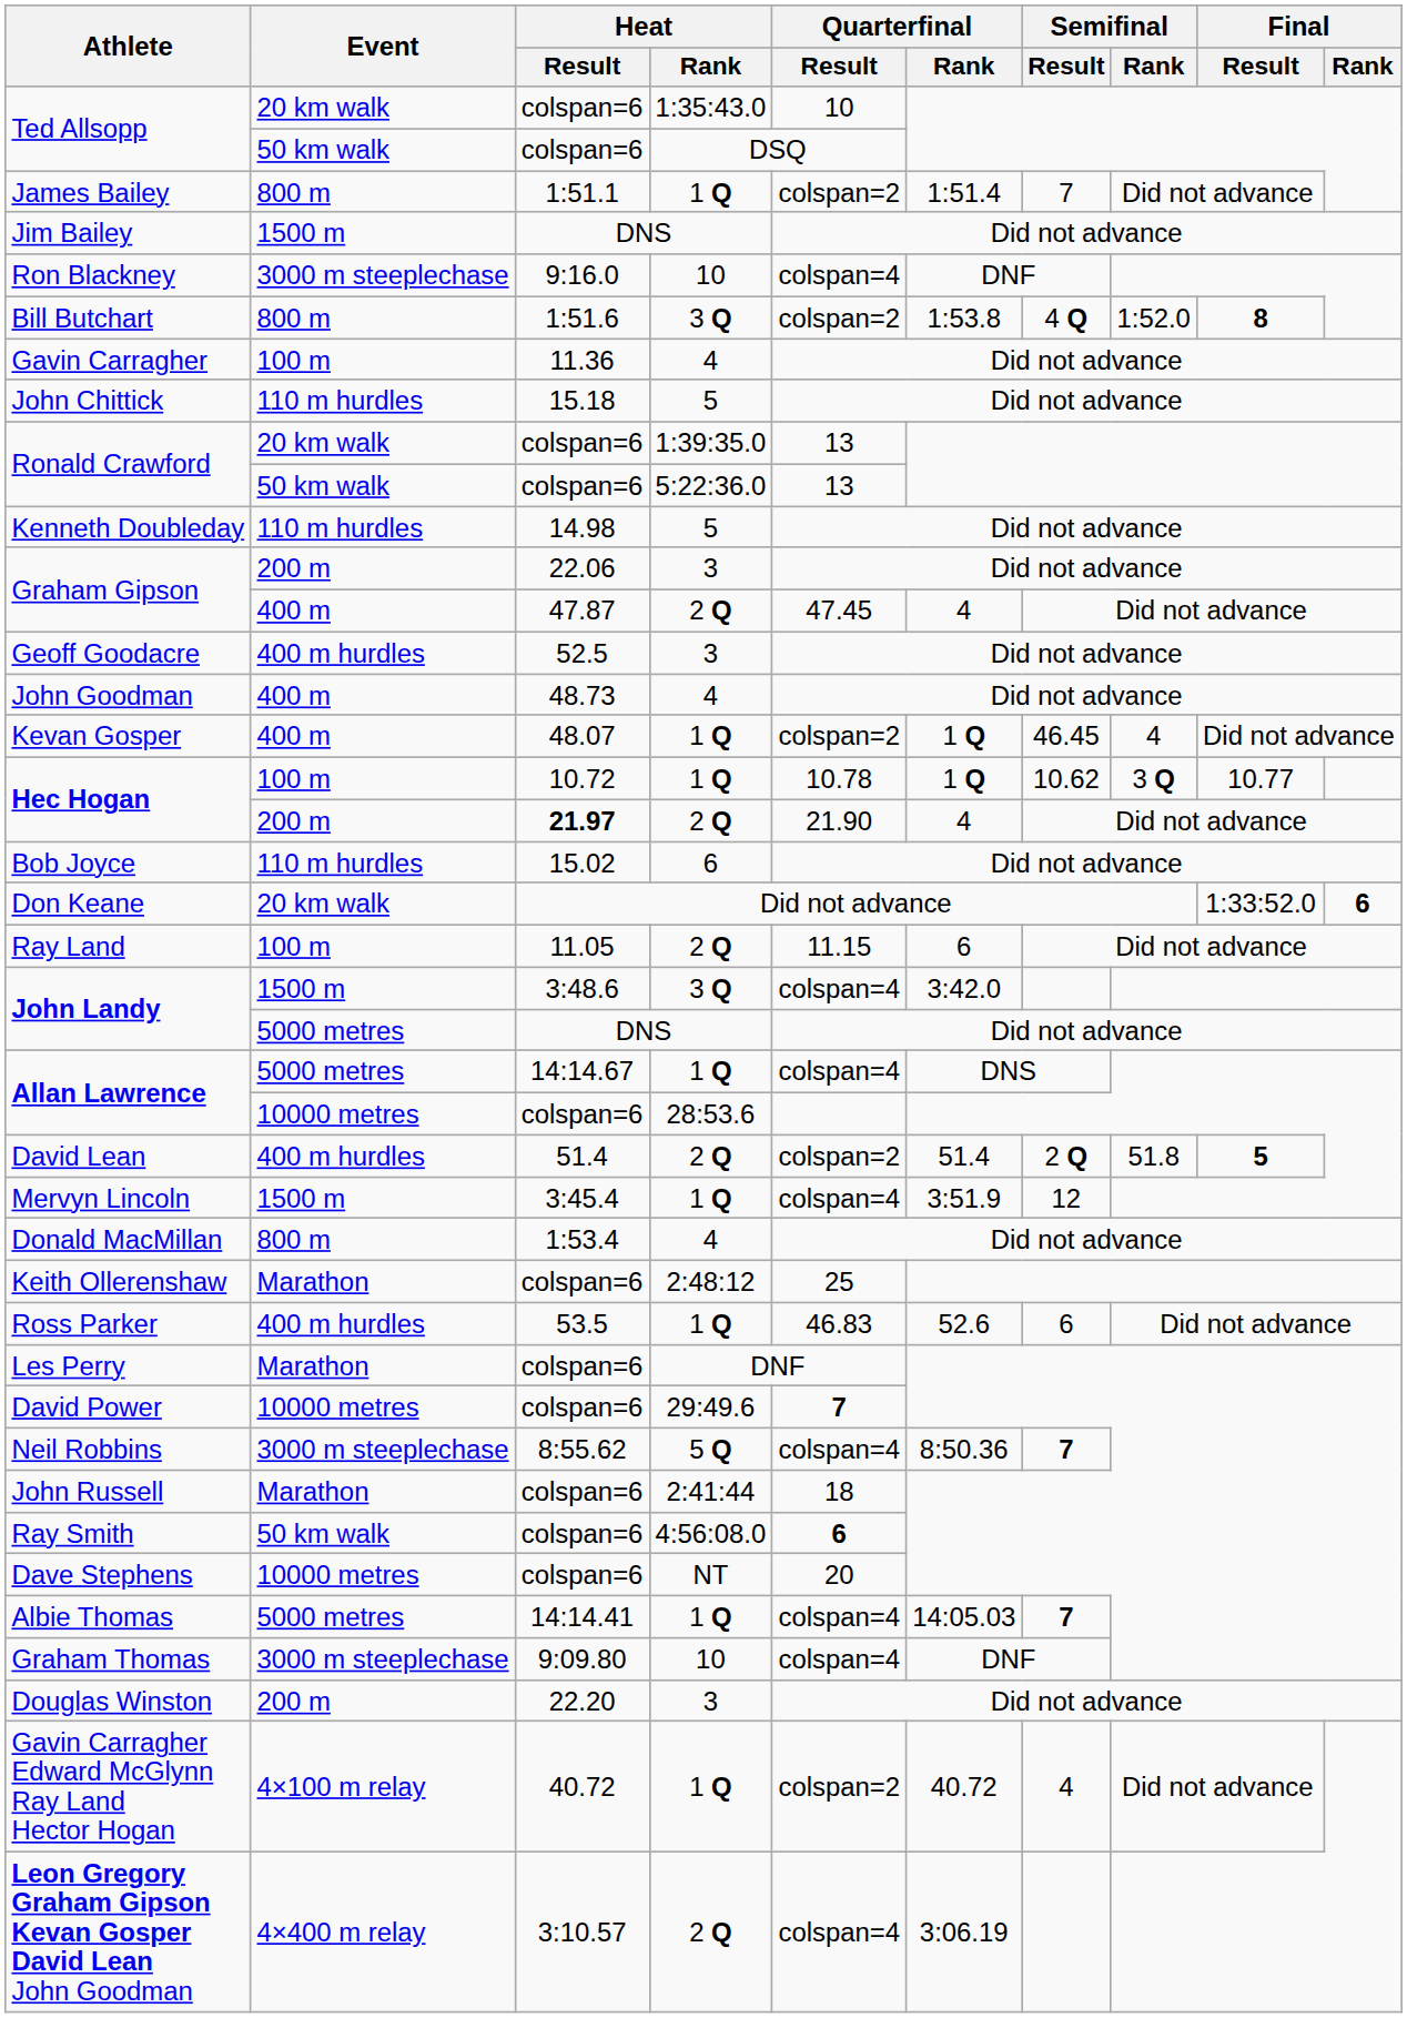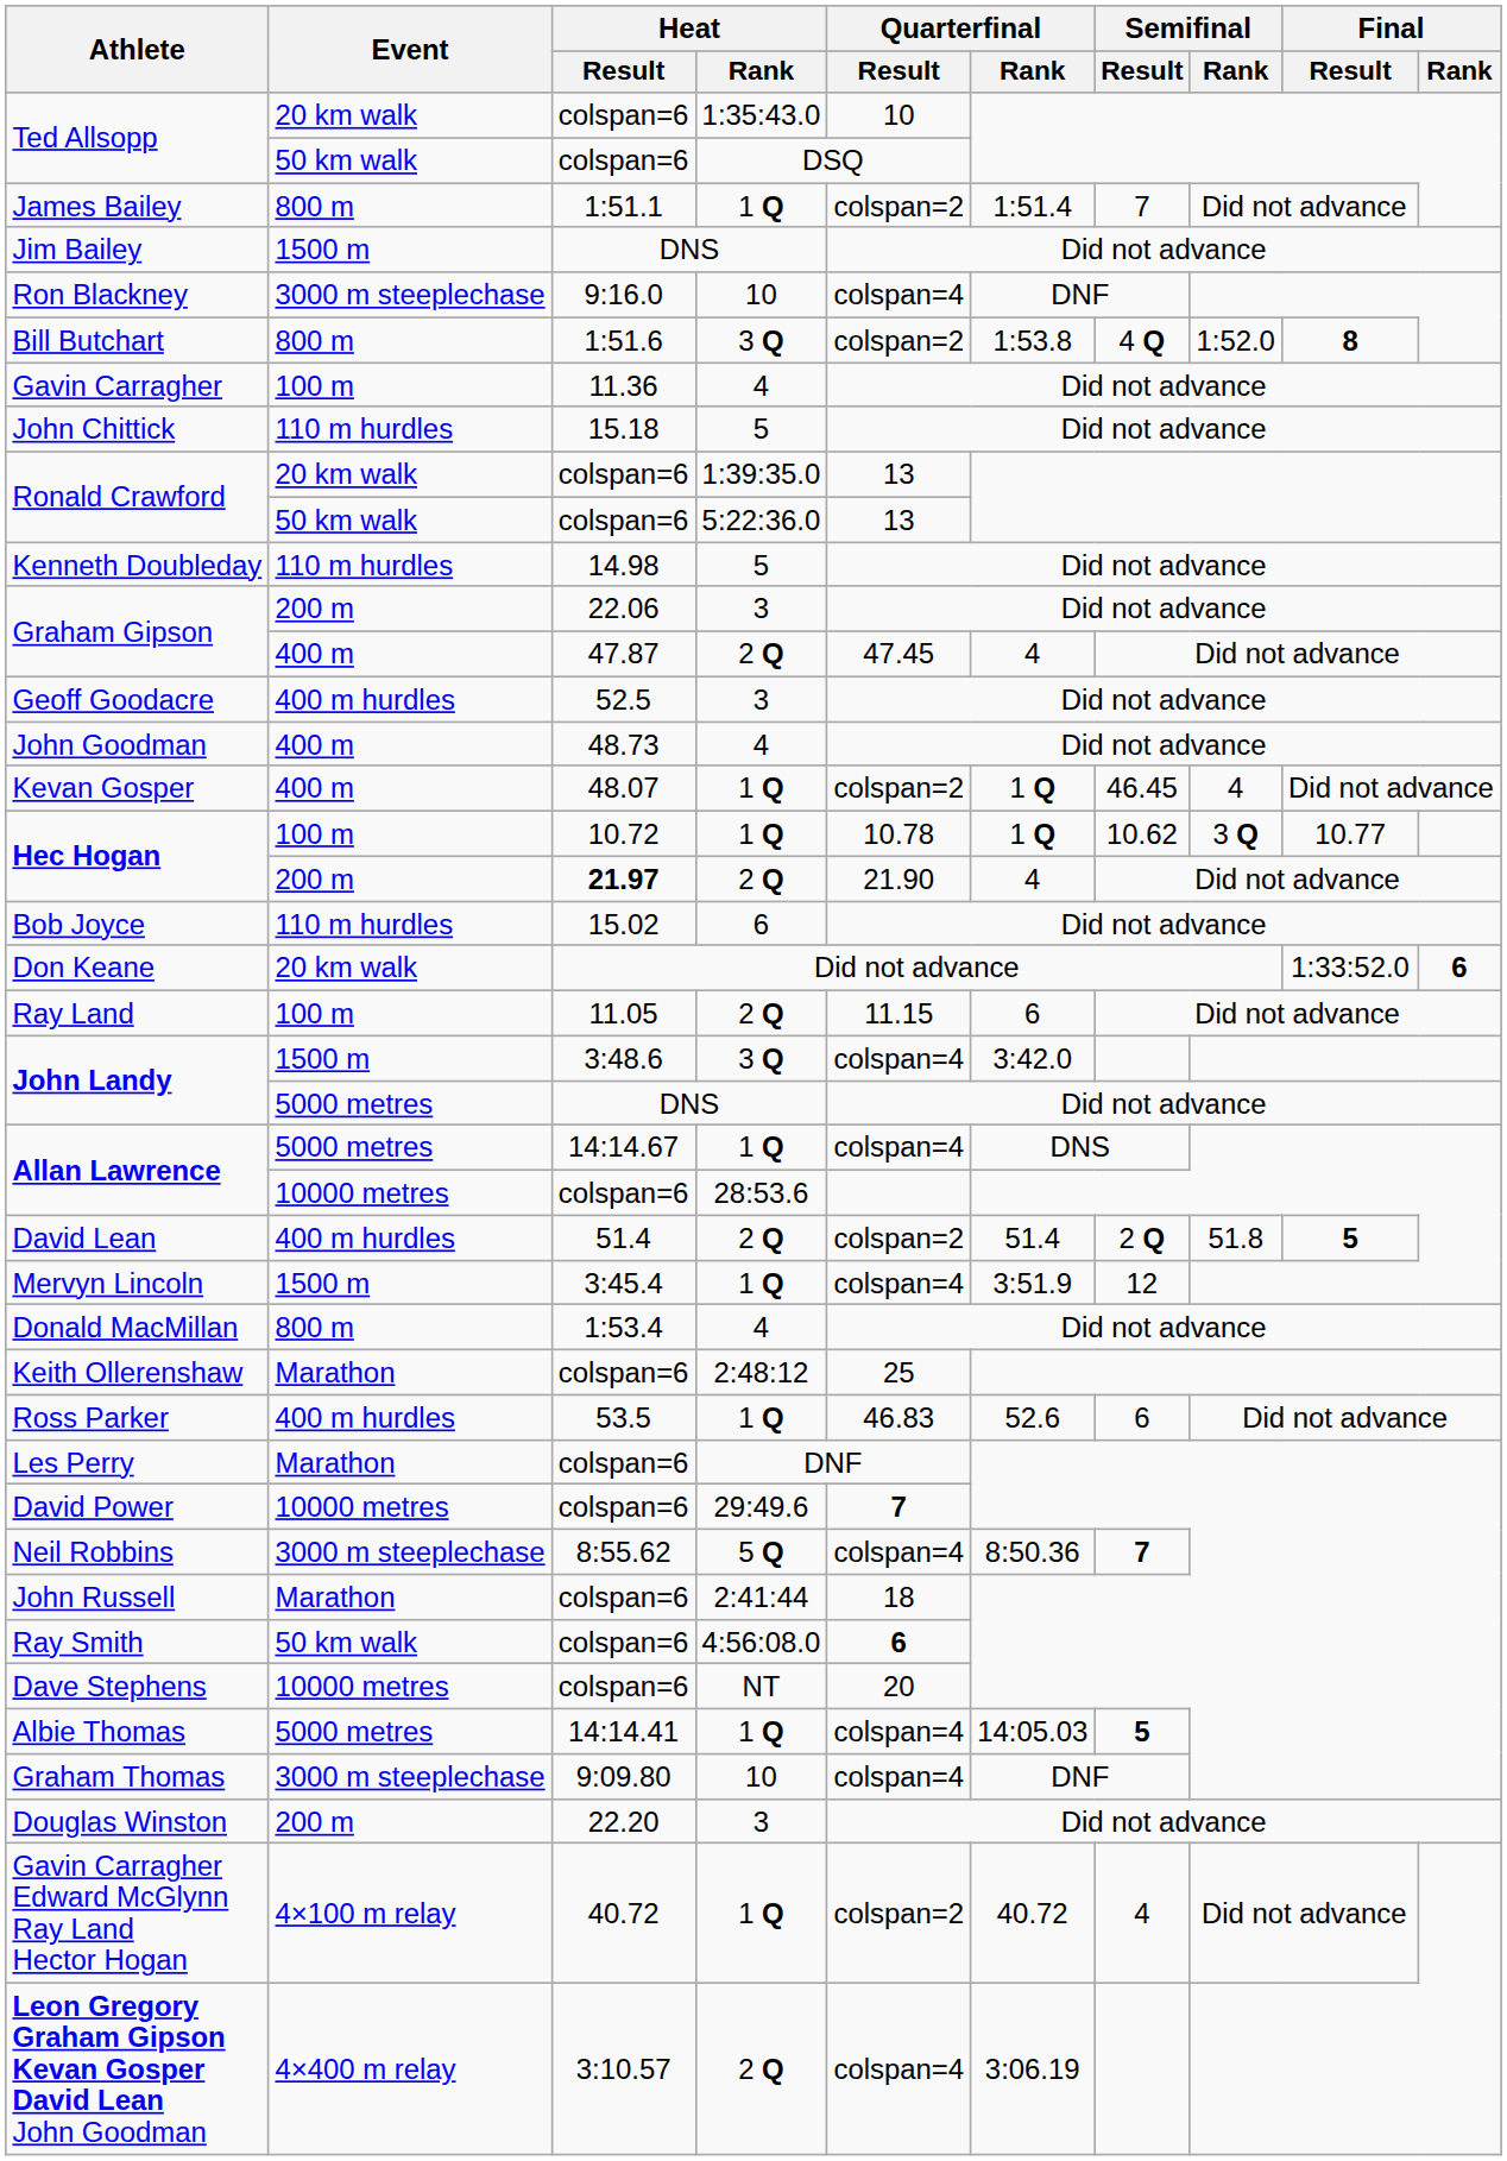 <table class="wikitable" style="font-size:90%">
 <tr>
 <th rowspan="2">Athlete</th>
 <th rowspan="2">Event</th>
 <th colspan="2">Heat</th>
 <th colspan="2">Quarterfinal</th>
 <th colspan="2">Semifinal</th>
 <th colspan="2">Final</th>
 </tr>
 <tr style="font-size:95%">
 <th>Result</th>
 <th>Rank</th>
 <th>Result</th>
 <th>Rank</th>
 <th>Result</th>
 <th>Rank</th>
 <th>Result</th>
 <th>Rank</th>
 </tr>
 <tr align=center>
 <td align=left rowspan=2><a href='#'>Ted Allsopp</a></td>
 <td align=left><a href='#'>20 km walk</a></td>
 <td>colspan=6 </td>
 <td>1:35:43.0</td>
 <td>10</td>
 </tr>
 <tr align=center>
 <td align=left><a href='#'>50 km walk</a></td>
 <td>colspan=6 </td>
 <td colspan=2>DSQ</td>
 </tr>
 <tr align=center>
 <td align=left><a href='#'>James Bailey</a></td>
 <td align=left><a href='#'>800 m</a></td>
 <td>1:51.1</td>
 <td>1 <strong>Q</strong></td>
 <td>colspan=2 </td>
 <td>1:51.4</td>
 <td>7</td>
 <td colspan=2>Did not advance</td>
 </tr>
 <tr align=center>
 <td align=left><a href='#'>Jim Bailey</a></td>
 <td align=left><a href='#'>1500 m</a></td>
 <td colspan=2>DNS</td>
 <td colspan=6>Did not advance</td>
 </tr>
 <tr align=center>
 <td align=left><a href='#'>Ron Blackney</a></td>
 <td align=left><a href='#'>3000 m steeplechase</a></td>
 <td>9:16.0</td>
 <td>10</td>
 <td>colspan=4 </td>
 <td colspan=2>DNF</td>
 </tr>
 <tr align=center>
 <td align=left><a href='#'>Bill Butchart</a></td>
 <td align=left><a href='#'>800 m</a></td>
 <td>1:51.6</td>
 <td>3 <strong>Q</strong></td>
 <td>colspan=2 </td>
 <td>1:53.8</td>
 <td>4 <strong>Q</strong></td>
 <td>1:52.0</td>
 <td><strong>8</strong></td>
 </tr>
 <tr align=center>
 <td align=left><a href='#'>Gavin Carragher</a></td>
 <td align=left><a href='#'>100 m</a></td>
 <td>11.36</td>
 <td>4</td>
 <td colspan=6>Did not advance</td>
 </tr>
 <tr align=center>
 <td align=left><a href='#'>John Chittick</a></td>
 <td align=left><a href='#'>110 m hurdles</a></td>
 <td>15.18</td>
 <td>5</td>
 <td colspan=6>Did not advance</td>
 </tr>
 <tr align=center>
 <td align=left rowspan=2><a href='#'>Ronald Crawford</a></td>
 <td align=left><a href='#'>20 km walk</a></td>
 <td>colspan=6 </td>
 <td>1:39:35.0</td>
 <td>13</td>
 </tr>
 <tr align=center>
 <td align=left><a href='#'>50 km walk</a></td>
 <td>colspan=6 </td>
 <td>5:22:36.0</td>
 <td>13</td>
 </tr>
 <tr align=center>
 <td align=left><a href='#'>Kenneth Doubleday</a></td>
 <td align=left><a href='#'>110 m hurdles</a></td>
 <td>14.98</td>
 <td>5</td>
 <td colspan=6>Did not advance</td>
 </tr>
 <tr align=center>
 <td align=left rowspan=2><a href='#'>Graham Gipson</a></td>
 <td align=left><a href='#'>200 m</a></td>
 <td>22.06</td>
 <td>3</td>
 <td colspan=6>Did not advance</td>
 </tr>
 <tr align=center>
 <td align=left><a href='#'>400 m</a></td>
 <td>47.87</td>
 <td>2 <strong>Q</strong></td>
 <td>47.45</td>
 <td>4</td>
 <td colspan=4>Did not advance</td>
 </tr>
 <tr align=center>
 <td align=left><a href='#'>Geoff Goodacre</a></td>
 <td align=left><a href='#'>400 m hurdles</a></td>
 <td>52.5</td>
 <td>3</td>
 <td colspan=6>Did not advance</td>
 </tr>
 <tr align=center>
 <td align=left><a href='#'>John Goodman</a></td>
 <td align=left><a href='#'>400 m</a></td>
 <td>48.73</td>
 <td>4</td>
 <td colspan=6>Did not advance</td>
 </tr>
 <tr align=center>
 <td align=left><a href='#'>Kevan Gosper</a></td>
 <td align=left><a href='#'>400 m</a></td>
 <td>48.07</td>
 <td>1 <strong>Q</strong></td>
 <td>colspan=2 </td>
 <td>1 <strong>Q</strong></td>
 <td>46.45</td>
 <td>4</td>
 <td colspan=2>Did not advance</td>
 </tr>
 <tr align=center>
 <td align=left rowspan=2><strong><a href='#'>Hec Hogan</a></strong></td>
 <td align=left><a href='#'>100 m</a></td>
 <td>10.72</td>
 <td>1 <strong>Q</strong></td>
 <td>10.78</td>
 <td>1 <strong>Q</strong></td>
 <td>10.62</td>
 <td>3 <strong>Q</strong></td>
 <td>10.77</td>
 <td></td>
 </tr>
 <tr align=center>
 <td align=left><a href='#'>200 m</a></td>
 <td><strong>21.97</strong></td>
 <td>2 <strong>Q</strong></td>
 <td>21.90</td>
 <td>4</td>
 <td colspan=6>Did not advance</td>
 </tr>
 <tr align=center>
 <td align=left><a href='#'>Bob Joyce</a></td>
 <td align=left><a href='#'>110 m hurdles</a></td>
 <td>15.02</td>
 <td>6</td>
 <td colspan=6>Did not advance</td>
 </tr>
 <tr align=center>
 <td align=left><a href='#'>Don Keane</a></td>
 <td align=left><a href='#'>20 km walk</a></td>
 <td colspan=6>Did not advance</td>
 <td>1:33:52.0</td>
 <td><strong>6</strong></td>
 </tr>
 <tr align=center>
 <td align=left><a href='#'>Ray Land</a></td>
 <td align=left><a href='#'>100 m</a></td>
 <td>11.05</td>
 <td>2 <strong>Q</strong></td>
 <td>11.15</td>
 <td>6</td>
 <td colspan=6>Did not advance</td>
 </tr>
 <tr align=center>
 <td align=left rowspan=2><strong><a href='#'>John Landy</a></strong></td>
 <td align=left><a href='#'>1500 m</a></td>
 <td>3:48.6</td>
 <td>3 <strong>Q</strong></td>
 <td>colspan=4 </td>
 <td>3:42.0</td>
 <td></td>
 </tr>
 <tr align=center>
 <td align=left><a href='#'>5000 metres</a></td>
 <td colspan=2>DNS</td>
 <td colspan=6>Did not advance</td>
 </tr>
 <tr align=center>
 <td align=left rowspan=2><strong><a href='#'>Allan Lawrence</a></strong></td>
 <td align=left><a href='#'>5000 metres</a></td>
 <td>14:14.67</td>
 <td>1 <strong>Q</strong></td>
 <td>colspan=4 </td>
 <td colspan=2>DNS</td>
 </tr>
 <tr align=center>
 <td align=left><a href='#'>10000 metres</a></td>
 <td>colspan=6 </td>
 <td>28:53.6</td>
 <td></td>
 </tr>
 <tr align=center>
 <td align=left><a href='#'>David Lean</a></td>
 <td align=left><a href='#'>400 m hurdles</a></td>
 <td>51.4</td>
 <td>2 <strong>Q</strong></td>
 <td>colspan=2 </td>
 <td>51.4</td>
 <td>2 <strong>Q</strong></td>
 <td>51.8</td>
 <td><strong>5</strong></td>
 </tr>
 <tr align=center>
 <td align=left><a href='#'>Mervyn Lincoln</a></td>
 <td align=left><a href='#'>1500 m</a></td>
 <td>3:45.4</td>
 <td>1 <strong>Q</strong></td>
 <td>colspan=4 </td>
 <td>3:51.9</td>
 <td>12</td>
 </tr>
 <tr align=center>
 <td align=left><a href='#'>Donald MacMillan</a></td>
 <td align=left><a href='#'>800 m</a></td>
 <td>1:53.4</td>
 <td>4</td>
 <td colspan=6>Did not advance</td>
 </tr>
 <tr align=center>
 <td align=left><a href='#'>Keith Ollerenshaw</a></td>
 <td align=left><a href='#'>Marathon</a></td>
 <td>colspan=6 </td>
 <td>2:48:12</td>
 <td>25</td>
 </tr>
 <tr align=center>
 <td align=left><a href='#'>Ross Parker</a></td>
 <td align=left><a href='#'>400 m hurdles</a></td>
 <td>53.5</td>
 <td>1 <strong>Q</strong></td>
 <td>46.83</td>
 <td>52.6</td>
 <td>6</td>
 <td colspan=6>Did not advance</td>
 </tr>
 <tr align=center>
 <td align=left><a href='#'>Les Perry</a></td>
 <td align=left><a href='#'>Marathon</a></td>
 <td>colspan=6 </td>
 <td colspan=2>DNF</td>
 </tr>
 <tr align=center>
 <td align=left><a href='#'>David Power</a></td>
 <td align=left><a href='#'>10000 metres</a></td>
 <td>colspan=6 </td>
 <td>29:49.6</td>
 <td><strong>7</strong></td>
 </tr>
 <tr align=center>
 <td align=left><a href='#'>Neil Robbins</a></td>
 <td align=left><a href='#'>3000 m steeplechase</a></td>
 <td>8:55.62</td>
 <td>5 <strong>Q</strong></td>
 <td>colspan=4 </td>
 <td>8:50.36</td>
 <td><strong>7</strong></td>
 </tr>
 <tr align=center>
 <td align=left><a href='#'>John Russell</a></td>
 <td align=left><a href='#'>Marathon</a></td>
 <td>colspan=6 </td>
 <td>2:41:44</td>
 <td>18</td>
 </tr>
 <tr align=center>
 <td align=left><a href='#'>Ray Smith</a></td>
 <td align=left><a href='#'>50 km walk</a></td>
 <td>colspan=6 </td>
 <td>4:56:08.0</td>
 <td><strong>6</strong></td>
 </tr>
 <tr align=center>
 <td align=left><a href='#'>Dave Stephens</a></td>
 <td align=left><a href='#'>10000 metres</a></td>
 <td>colspan=6 </td>
 <td>NT</td>
 <td>20</td>
 </tr>
 <tr align=center>
 <td align=left><a href='#'>Albie Thomas</a></td>
 <td align=left><a href='#'>5000 metres</a></td>
 <td>14:14.41</td>
 <td>1 <strong>Q</strong></td>
 <td>colspan=4 </td>
 <td>14:05.03</td>
-<td><strong>7</strong></td>
+<td><strong>5</strong></td>
 </tr>
 <tr align=center>
 <td align=left><a href='#'>Graham Thomas</a></td>
 <td align=left><a href='#'>3000 m steeplechase</a></td>
 <td>9:09.80</td>
 <td>10</td>
 <td>colspan=4 </td>
 <td colspan=2>DNF</td>
 </tr>
 <tr align=center>
 <td align=left><a href='#'>Douglas Winston</a></td>
 <td align=left><a href='#'>200 m</a></td>
 <td>22.20</td>
 <td>3</td>
 <td colspan=6>Did not advance</td>
 </tr>
 <tr align=center>
 <td align=left><a href='#'>Gavin Carragher</a><br><a href='#'>Edward McGlynn</a><br><a href='#'>Ray Land</a><br><a href='#'>Hector Hogan</a></td>
 <td align=left><a href='#'>4×100 m relay</a></td>
 <td>40.72</td>
 <td>1 <strong>Q</strong></td>
 <td>colspan=2 </td>
 <td>40.72</td>
 <td>4</td>
 <td colspan=2>Did not advance</td>
 </tr>
 <tr align=center>
 <td align=left><strong><a href='#'>Leon Gregory</a><br><a href='#'>Graham Gipson</a><br><a href='#'>Kevan Gosper</a><br><a href='#'>David Lean</a></strong><br><a href='#'>John Goodman</a></td>
 <td align=left><a href='#'>4×400 m relay</a></td>
 <td>3:10.57</td>
 <td>2 <strong>Q</strong></td>
 <td>colspan=4 </td>
 <td>3:06.19</td>
 <td></td>
 </tr>
 </table>
